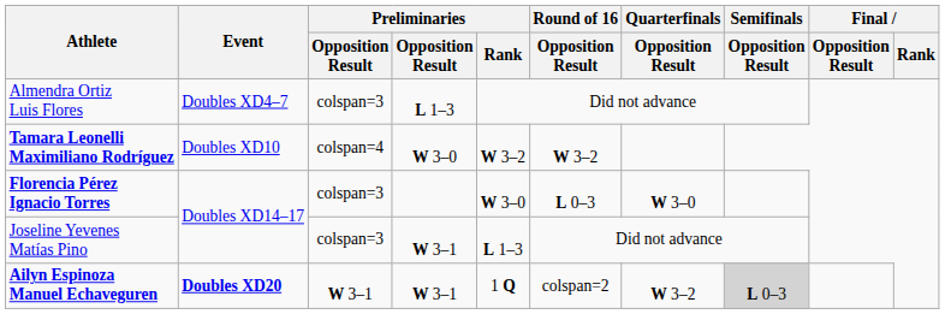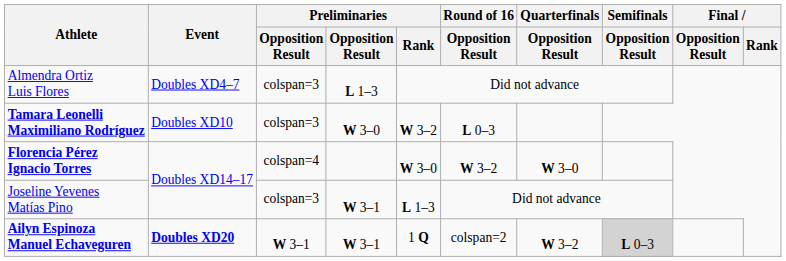 <table class=wikitable style="font-size:90%">
 <tr>
 <th rowspan="2">Athlete</th>
 <th rowspan="2">Event</th>
 <th colspan="3">Preliminaries</th>
 <th>Round of 16</th>
 <th>Quarterfinals</th>
 <th>Semifinals</th>
 <th colspan="2">Final / </th>
 </tr>
 <tr>
 <th>Opposition<br>Result</th>
 <th>Opposition<br>Result</th>
 <th>Rank</th>
 <th>Opposition<br>Result</th>
 <th>Opposition<br>Result</th>
 <th>Opposition<br>Result</th>
 <th>Opposition<br>Result</th>
 <th>Rank</th>
 </tr>
 <tr align=center>
 <td align=left><a href='#'>Almendra Ortiz</a><br><a href='#'>Luis Flores</a></td>
 <td align=left><a href='#'>Doubles XD4–7</a></td>
 <td>colspan=3 </td>
 <td><br><strong>L</strong> 1–3</td>
 <td colspan=4>Did not advance</td>
 </tr>
 <tr align=center>
 <td align=left><strong><a href='#'>Tamara Leonelli</a><br><a href='#'>Maximiliano Rodríguez</a></strong></td>
 <td align=left><a href='#'>Doubles XD10</a></td>
-<td>colspan=4 </td>
+<td>colspan=3 </td>
 <td><br><strong>W</strong> 3–0</td>
 <td><br><strong>W</strong> 3–2</td>
-<td><br><strong>W</strong> 3–2</td>
+<td><br><strong>L</strong> 0–3</td>
 <td></td>
 </tr>
 <tr align=center>
 <td align=left><strong><a href='#'>Florencia Pérez</a><br><a href='#'>Ignacio Torres</a></strong></td>
 <td align=left rowspan=2><a href='#'>Doubles XD14–17</a></td>
-<td>colspan=3 </td>
+<td>colspan=4 </td>
 <td></td>
 <td><br><strong>W</strong> 3–0</td>
-<td><br><strong>L</strong> 0–3</td>
+<td><br><strong>W</strong> 3–2</td>
 <td><br><strong>W</strong> 3–0</td>
 <td></td>
 </tr>
 <tr align=center>
 <td align=left><a href='#'>Joseline Yevenes</a><br><a href='#'>Matías Pino</a></td>
 <td>colspan=3 </td>
 <td><br><strong>W</strong> 3–1</td>
 <td><br><strong>L</strong> 1–3</td>
 <td colspan=3>Did not advance</td>
 </tr>
 <tr align=center>
 <td align=left><strong><a href='#'>Ailyn Espinoza</a><br><a href='#'>Manuel Echaveguren</a></strong></td>
 <td align=left><strong><a href='#'>Doubles XD20</a></strong></td>
 <td><br><strong>W</strong> 3–1</td>
 <td><br><strong>W</strong> 3–1</td>
 <td>1 <strong>Q</strong></td>
 <td>colspan=2 </td>
 <td><br><strong>W</strong> 3–2</td>
 <td style="background: lightgrey;"><br><strong>L</strong> 0–3</td>
 <td></td>
 </tr>
 </table>
